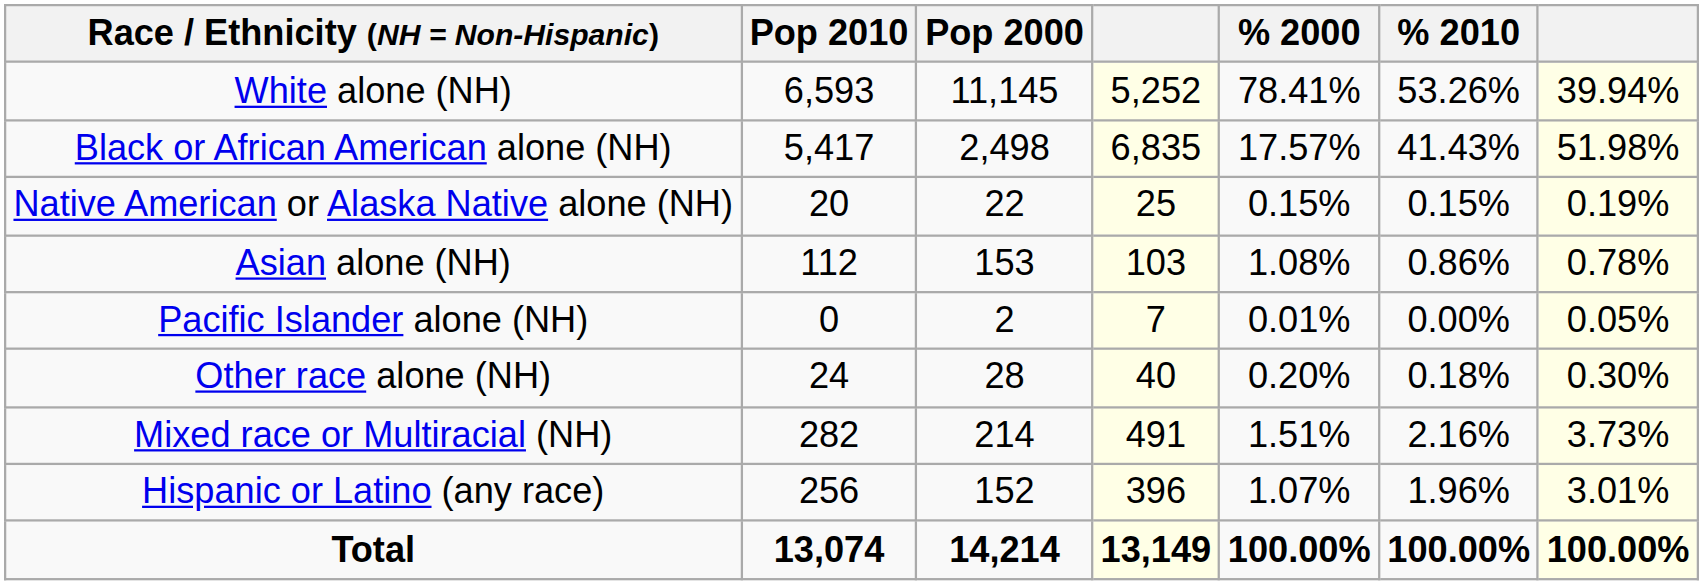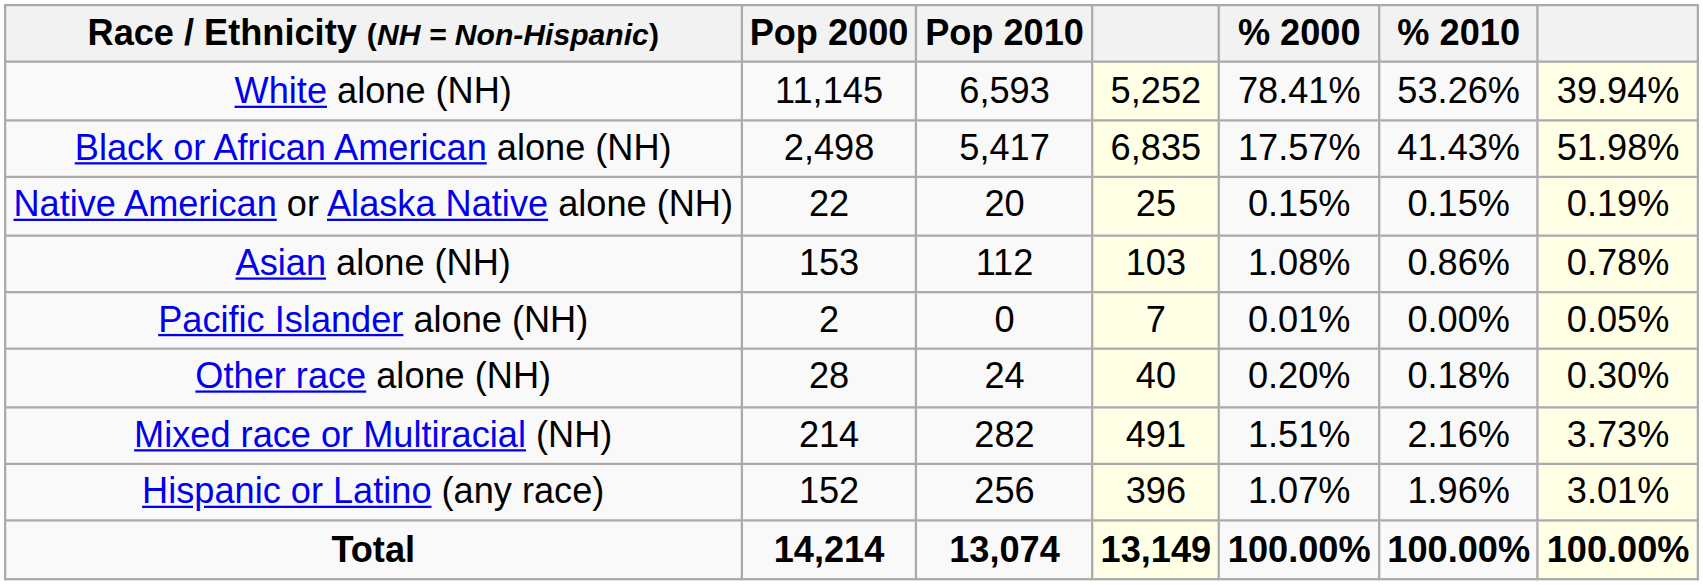 <table class="wikitable" style="text-align:center;">
 <tr>
 <th>Race / Ethnicity <small>(<em>NH = Non-Hispanic</em>)</small></th>
+<th>Pop 2000</th>
 <th>Pop 2010</th>
-<th>Pop 2000</th>
 <th></th>
 <th>% 2000</th>
 <th>% 2010</th>
 <th></th>
 </tr>
 <tr>
 <td><a href='#'>White</a> alone (NH)</td>
+<td>11,145</td>
 <td>6,593</td>
-<td>11,145</td>
 <td style='background: #ffffe6;'>5,252</td>
 <td>78.41%</td>
 <td>53.26%</td>
 <td style='background: #ffffe6;'>39.94%</td>
 </tr>
 <tr>
 <td><a href='#'>Black or African American</a> alone (NH)</td>
+<td>2,498</td>
 <td>5,417</td>
-<td>2,498</td>
 <td style='background: #ffffe6;'>6,835</td>
 <td>17.57%</td>
 <td>41.43%</td>
 <td style='background: #ffffe6;'>51.98%</td>
 </tr>
 <tr>
 <td><a href='#'>Native American</a> or <a href='#'>Alaska Native</a> alone (NH)</td>
+<td>22</td>
 <td>20</td>
-<td>22</td>
 <td style='background: #ffffe6;'>25</td>
 <td>0.15%</td>
 <td>0.15%</td>
 <td style='background: #ffffe6;'>0.19%</td>
 </tr>
 <tr>
 <td><a href='#'>Asian</a> alone (NH)</td>
+<td>153</td>
 <td>112</td>
-<td>153</td>
 <td style='background: #ffffe6;'>103</td>
 <td>1.08%</td>
 <td>0.86%</td>
 <td style='background: #ffffe6;'>0.78%</td>
 </tr>
 <tr>
 <td><a href='#'>Pacific Islander</a> alone (NH)</td>
+<td>2</td>
 <td>0</td>
-<td>2</td>
 <td style='background: #ffffe6;'>7</td>
 <td>0.01%</td>
 <td>0.00%</td>
 <td style='background: #ffffe6;'>0.05%</td>
 </tr>
 <tr>
 <td><a href='#'>Other race</a> alone (NH)</td>
+<td>28</td>
 <td>24</td>
-<td>28</td>
 <td style='background: #ffffe6;'>40</td>
 <td>0.20%</td>
 <td>0.18%</td>
 <td style='background: #ffffe6;'>0.30%</td>
 </tr>
 <tr>
 <td><a href='#'>Mixed race or Multiracial</a> (NH)</td>
+<td>214</td>
 <td>282</td>
-<td>214</td>
 <td style='background: #ffffe6;'>491</td>
 <td>1.51%</td>
 <td>2.16%</td>
 <td style='background: #ffffe6;'>3.73%</td>
 </tr>
 <tr>
 <td><a href='#'>Hispanic or Latino</a> (any race)</td>
+<td>152</td>
 <td>256</td>
-<td>152</td>
 <td style='background: #ffffe6;'>396</td>
 <td>1.07%</td>
 <td>1.96%</td>
 <td style='background: #ffffe6;'>3.01%</td>
 </tr>
 <tr>
 <td><strong>Total</strong></td>
+<td><strong>14,214</strong></td>
 <td><strong>13,074</strong></td>
-<td><strong>14,214</strong></td>
 <td style='background: #ffffe6;'><strong>13,149</strong></td>
 <td><strong>100.00%</strong></td>
 <td><strong>100.00%</strong></td>
 <td style='background: #ffffe6;'><strong>100.00%</strong></td>
 </tr>
 </table>
